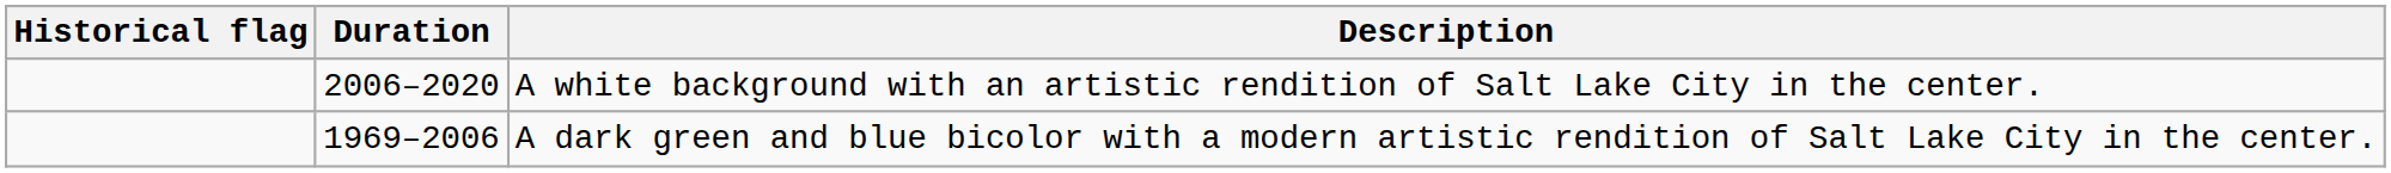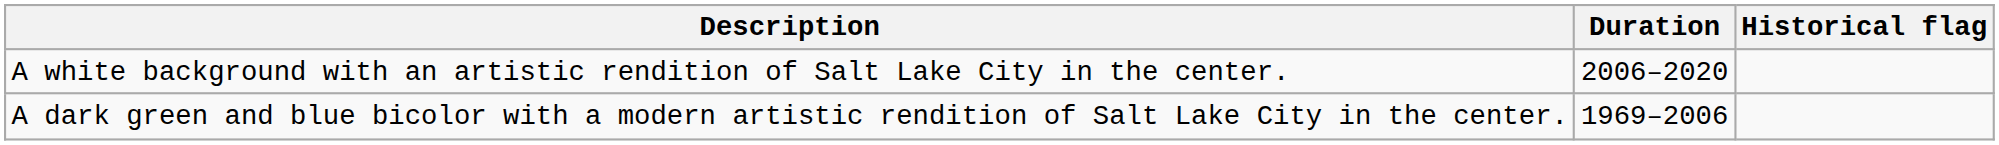 <table class="wikitable sortable plainrowheaders">
 <tr>
+<th scope="col" class="unsortable">Description</th>
+<th scope="col">Duration</th>
 <th scope="col" class="unsortable">Historical flag</th>
-<th scope="col">Duration</th>
-<th scope="col" class="unsortable">Description</th>
 </tr>
 <tr>
+<td>A white background with an artistic rendition of Salt Lake City in the center.</td>
+<td>2006–2020</td>
 <td></td>
-<td>2006–2020</td>
-<td>A white background with an artistic rendition of Salt Lake City in the center.</td>
 </tr>
 <tr>
+<td>A dark green and blue bicolor with a modern artistic rendition of Salt Lake City in the center.</td>
+<td>1969–2006</td>
 <td></td>
-<td>1969–2006</td>
-<td>A dark green and blue bicolor with a modern artistic rendition of Salt Lake City in the center.</td>
 </tr>
 </table>
